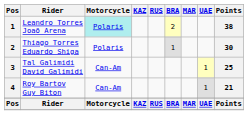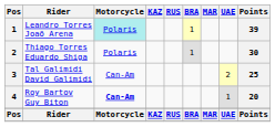 <table class="wikitable" style="font-size: 85%; text-align: center; display: inline-table;">
 <tr valign="top">
 <th valign="middle">Pos</th>
 <th valign="middle">Rider</th>
 <th valign="middle">Motorcycle</th>
 <th><a href='#'>KAZ</a><br></th>
 <th><a href='#'>RUS</a><br></th>
 <th><a href='#'>BRA</a><br></th>
 <th><a href='#'>MAR</a><br></th>
 <th><a href='#'>UAE</a><br></th>
 <th valign="middle">Points</th>
 </tr>
 <tr>
 <th>1</th>
 <td align=left> <a href='#'>Leandro Torres</a><br> <a href='#'>Joaõ Arena</a></td>
 <td style="background: paleturquoise;"><a href='#'>Polaris</a></td>
 <td></td>
 <td></td>
-<td style="background:#ffffbf;">2</td>
+<td style="background:#ffffbf;">1</td>
 <td></td>
 <td></td>
-<th>38</th>
+<th>39</th>
 </tr>
 <tr>
 <th>2</th>
 <td align=left> <a href='#'>Thiago Torres</a><br> <a href='#'>Eduardo Shiga</a></td>
 <td><a href='#'>Polaris</a></td>
 <td></td>
 <td></td>
 <td style="background:#dfdfdf;">1</td>
 <td></td>
 <td></td>
 <th>30</th>
 </tr>
 <tr>
 <th>3</th>
 <td align=left> <a href='#'>Tal Galimidi</a><br> <a href='#'>David Galimidi</a></td>
 <td><a href='#'>Can-Am</a></td>
 <td></td>
 <td></td>
 <td></td>
 <td></td>
-<td style="background:#ffffbf;">1</td>
+<td style="background:#ffffbf;">2</td>
 <th>25</th>
 </tr>
 <tr>
 <th>4</th>
 <td align=left> <a href='#'>Roy Bartov</a><br> <a href='#'>Guy Biton</a></td>
-<td><a href='#'>Can-Am</a></td>
+<td><strong><a href='#'>Can-Am</a></strong></td>
 <td></td>
 <td></td>
 <td></td>
 <td></td>
 <td style="background:#dfdfdf;">1</td>
-<th>21</th>
+<th>20</th>
 </tr>
 <tr>
 </tr>
 <tr valign="top">
 <th valign="middle">Pos</th>
 <th valign="middle">Rider</th>
 <th valign="middle">Motorcycle</th>
 <th><a href='#'>KAZ</a><br></th>
 <th><a href='#'>RUS</a><br></th>
 <th><a href='#'>BRA</a><br></th>
 <th><a href='#'>MAR</a><br></th>
 <th><a href='#'>UAE</a><br></th>
 <th valign="middle">Points</th>
 </tr>
 <tr>
 </tr>
 </table>
